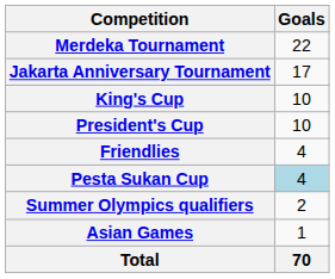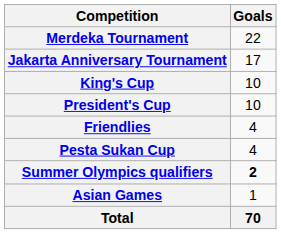 <table class="wikitable plainrowheaders sortable" style="text-align:center; font-size:95%">
 <tr>
 <th scope="col">Competition</th>
 <th scope="col">Goals</th>
 </tr>
 <tr>
 <th scope="row"><a href='#'>Merdeka Tournament</a></th>
 <td>22</td>
 </tr>
 <tr>
 <th scope="row"><a href='#'>Jakarta Anniversary Tournament</a></th>
 <td>17</td>
 </tr>
 <tr>
 <th scope="row"><a href='#'>King's Cup</a></th>
 <td>10</td>
 </tr>
 <tr>
 <th scope="row"><a href='#'>President's Cup</a></th>
 <td>10</td>
 </tr>
 <tr>
 <th scope="row"><a href='#'>Friendlies</a></th>
 <td>4</td>
 </tr>
 <tr>
 <th scope="row"><a href='#'>Pesta Sukan Cup</a></th>
-<td style="background: lightblue;">4</td>
+<td>4</td>
 </tr>
 <tr>
 <th scope="row"><a href='#'>Summer Olympics qualifiers</a></th>
-<td>2</td>
+<td><strong>2</strong></td>
 </tr>
 <tr>
 <th scope="row"><a href='#'>Asian Games</a></th>
 <td>1</td>
 </tr>
 <tr>
 <th>Total</th>
 <th>70</th>
 </tr>
 </table>
